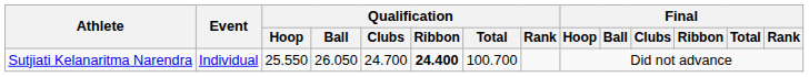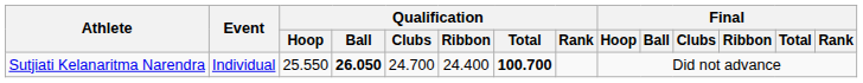 <table class=wikitable style=font-size:88%;text-align:center>
 <tr>
 <th rowspan=2>Athlete</th>
 <th rowspan=2>Event</th>
 <th colspan=6>Qualification</th>
 <th colspan=6>Final</th>
 </tr>
 <tr style=font-size:95%>
 <th>Hoop</th>
 <th>Ball</th>
 <th>Clubs</th>
 <th>Ribbon</th>
 <th>Total</th>
 <th>Rank</th>
 <th>Hoop</th>
 <th>Ball</th>
 <th>Clubs</th>
 <th>Ribbon</th>
 <th>Total</th>
 <th>Rank</th>
 </tr>
 <tr>
 <td align=left><a href='#'>Sutjiati Kelanaritma Narendra</a></td>
 <td align=left rowspan=2><a href='#'>Individual</a></td>
 <td>25.550</td>
-<td>26.050</td>
+<td><strong>26.050</strong></td>
 <td>24.700</td>
-<td><strong>24.400</strong></td>
-<td>100.700</td>
+<td>24.400</td>
+<td><strong>100.700</strong></td>
 <td></td>
 <td colspan="6">Did not advance</td>
 </tr>
 </table>
